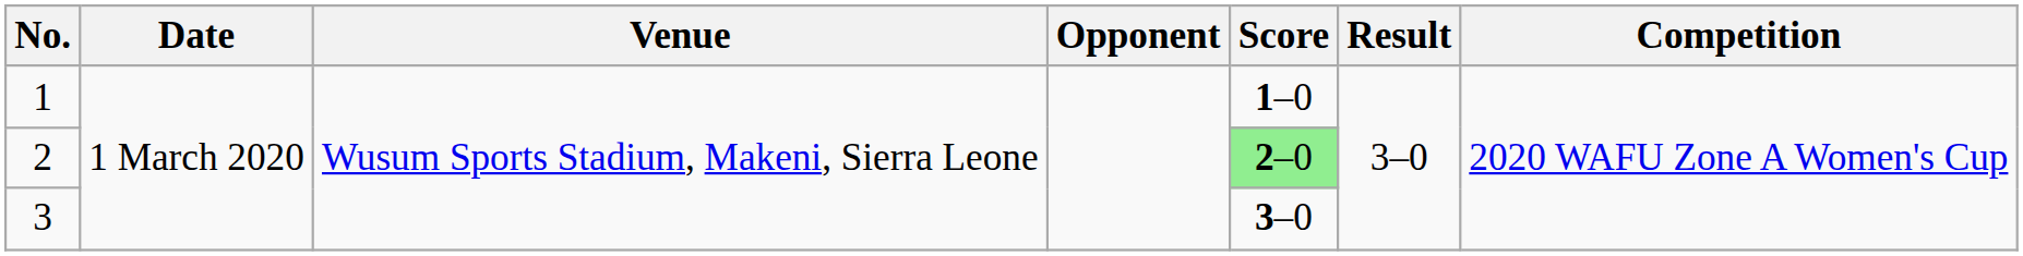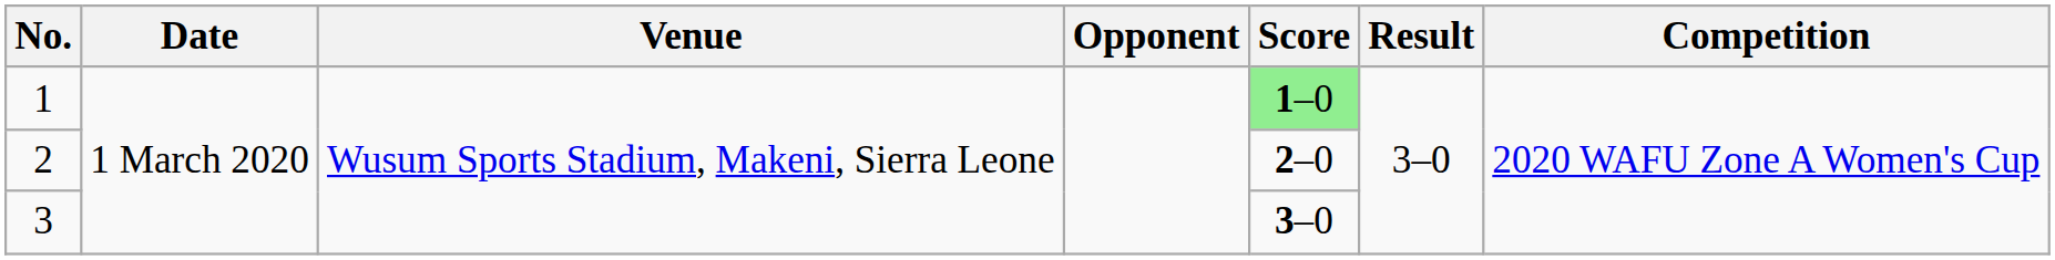 <table class="wikitable sortable">
 <tr>
 <th scope="col">No.</th>
 <th scope="col">Date</th>
 <th scope="col">Venue</th>
 <th scope="col">Opponent</th>
 <th scope="col">Score</th>
 <th scope="col">Result</th>
 <th scope="col">Competition</th>
 </tr>
 <tr>
 <td align="center">1</td>
 <td rowspan=3>1 March 2020</td>
 <td rowspan=3><a href='#'>Wusum Sports Stadium</a>, <a href='#'>Makeni</a>, Sierra Leone</td>
 <td rowspan=3></td>
-<td align="center"><strong>1</strong>–0</td>
+<td align="center" style="background: lightgreen;"><strong>1</strong>–0</td>
 <td align="center" rowspan=3>3–0</td>
 <td rowspan=3><a href='#'>2020 WAFU Zone A Women's Cup</a></td>
 </tr>
 <tr>
 <td align="center">2</td>
-<td align="center" style="background: lightgreen;"><strong>2</strong>–0</td>
+<td align="center"><strong>2</strong>–0</td>
 </tr>
 <tr>
 <td align="center">3</td>
 <td align="center"><strong>3</strong>–0</td>
 </tr>
 </table>
